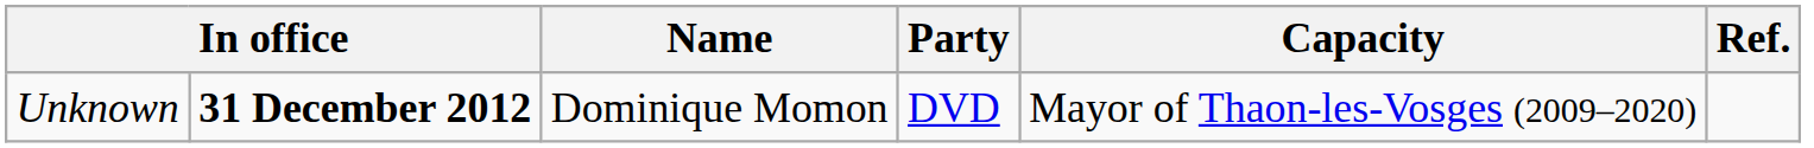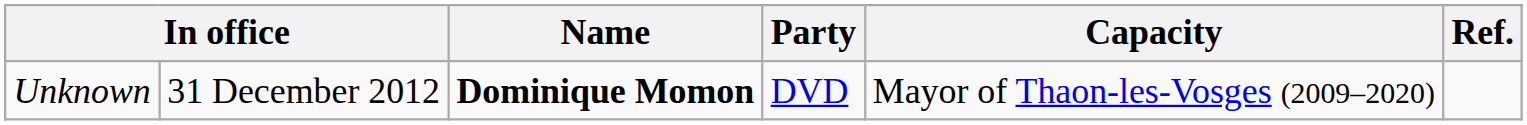 <table class="wikitable">
 <tr>
 <th colspan="2">In office</th>
 <th>Name</th>
 <th>Party</th>
 <th>Capacity</th>
 <th>Ref.</th>
 </tr>
 <tr>
 <td><em>Unknown</em></td>
-<td><strong>31 December 2012</strong></td>
-<td>Dominique Momon</td>
+<td>31 December 2012</td>
+<td><strong>Dominique Momon</strong></td>
 <td><a href='#'>DVD</a></td>
 <td>Mayor of <a href='#'>Thaon-les-Vosges</a> <small>(2009–2020)</small></td>
 <td></td>
 </tr>
 </table>
